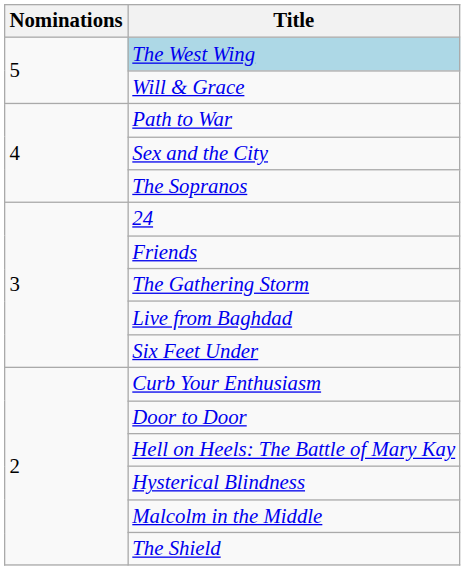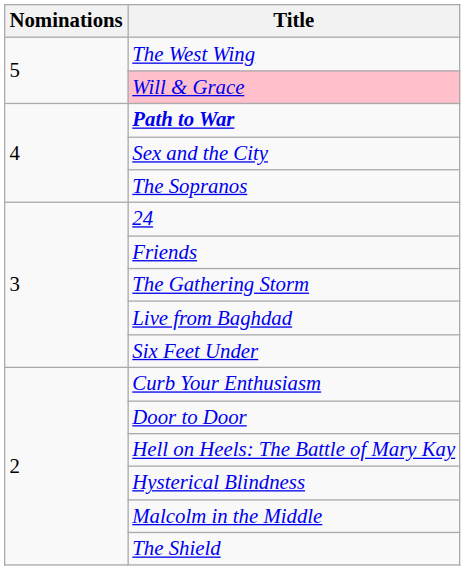 <table class="wikitable">
 <tr>
 <th>Nominations</th>
 <th>Title</th>
 </tr>
 <tr>
 <td rowspan="2">5</td>
-<td style="background: lightblue;"><em><a href='#'>The West Wing</a></em></td>
+<td><em><a href='#'>The West Wing</a></em></td>
 </tr>
 <tr>
-<td><em><a href='#'>Will & Grace</a></em></td>
+<td style="background: pink;"><em><a href='#'>Will & Grace</a></em></td>
 </tr>
 <tr>
 <td rowspan="3">4</td>
-<td><em><a href='#'>Path to War</a></em></td>
+<td><strong><em><a href='#'>Path to War</a></em></strong></td>
 </tr>
 <tr>
 <td><em><a href='#'>Sex and the City</a></em></td>
 </tr>
 <tr>
 <td><em><a href='#'>The Sopranos</a></em></td>
 </tr>
 <tr>
 <td rowspan="5">3</td>
 <td><em><a href='#'>24</a></em></td>
 </tr>
 <tr>
 <td><em><a href='#'>Friends</a></em></td>
 </tr>
 <tr>
 <td><em><a href='#'>The Gathering Storm</a></em></td>
 </tr>
 <tr>
 <td><em><a href='#'>Live from Baghdad</a></em></td>
 </tr>
 <tr>
 <td><em><a href='#'>Six Feet Under</a></em></td>
 </tr>
 <tr>
 <td rowspan="6">2</td>
 <td><em><a href='#'>Curb Your Enthusiasm</a></em></td>
 </tr>
 <tr>
 <td><em><a href='#'>Door to Door</a></em></td>
 </tr>
 <tr>
 <td><em><a href='#'>Hell on Heels: The Battle of Mary Kay</a></em></td>
 </tr>
 <tr>
 <td><em><a href='#'>Hysterical Blindness</a></em></td>
 </tr>
 <tr>
 <td><em><a href='#'>Malcolm in the Middle</a></em></td>
 </tr>
 <tr>
 <td><em><a href='#'>The Shield</a></em></td>
 </tr>
 </table>
